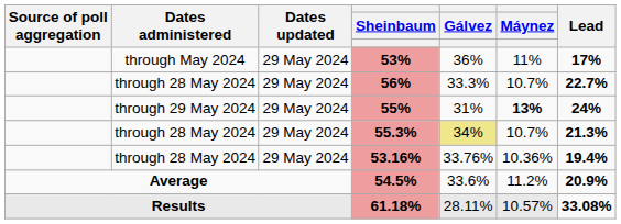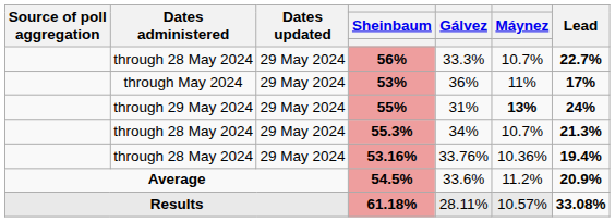 <table class="wikitable sortable" style="text-align:center;font-size:90%;line-height:17px">
 <tr>
 <th rowspan="3" class="unsortable">Source of poll<br>aggregation</th>
 <th rowspan="3" class="unsortable">Dates<br>administered</th>
 <th rowspan="3" class="unsortable">Dates<br>updated</th>
 <th></th>
 <th></th>
 <th></th>
 <th rowspan="3">Lead</th>
 </tr>
 <tr>
 <th><a href='#'>Sheinbaum</a><br></th>
 <th><a href='#'>Gálvez</a><br></th>
 <th><a href='#'>Máynez</a><br></th>
 </tr>
 <tr>
 <th style="background:"></th>
 <th style="background:"></th>
 <th style="background:"></th>
 </tr>
 <tr>
 <td></td>
+<td>through 28 May 2024</td>
+<td>29 May 2024</td>
+<td bgcolor="#ee9e9e"><strong>56%</strong></td>
+<td>33.3%</td>
+<td>10.7%</td>
+<td style="background:"><span><strong>22.7%</strong></span></td>
+</tr>
+<tr>
+<td></td>
 <td>through May 2024</td>
 <td>29 May 2024</td>
 <td bgcolor="#ee9e9e"><strong>53%</strong></td>
 <td>36%</td>
 <td>11%</td>
 <td style="background:"><span><strong>17%</strong></span></td>
-</tr>
-<tr>
-<td></td>
-<td>through 28 May 2024</td>
-<td>29 May 2024</td>
-<td bgcolor="#ee9e9e"><strong>56%</strong></td>
-<td>33.3%</td>
-<td>10.7%</td>
-<td style="background:"><span><strong>22.7%</strong></span></td>
 </tr>
 <tr>
 <td></td>
 <td>through 29 May 2024</td>
 <td>29 May 2024</td>
 <td bgcolor="#ee9e9e"><strong>55%</strong></td>
 <td>31%</td>
 <td><strong>13%</strong></td>
 <td style="background:"><span><strong>24%</strong></span></td>
 </tr>
 <tr>
 <td></td>
 <td>through 28 May 2024</td>
 <td>29 May 2024</td>
 <td bgcolor="#ee9e9e"><strong>55.3%</strong></td>
-<td style="background: khaki;">34%</td>
+<td>34%</td>
 <td>10.7%</td>
 <td style="background:"><span><strong>21.3%</strong></span></td>
 </tr>
 <tr>
 <td></td>
 <td>through 28 May 2024</td>
 <td>29 May 2024</td>
 <td bgcolor="#ee9e9e"><strong>53.16%</strong></td>
 <td>33.76%</td>
 <td>10.36%</td>
 <td style="background:"><span><strong>19.4%</strong></span></td>
 </tr>
 <tr class="sortbottom">
 <td colspan="3"><strong>Average</strong></td>
 <td bgcolor="#ee9e9e"><strong>54.5%</strong></td>
 <td>33.6%</td>
 <td>11.2%</td>
 <td style="background:"><span><strong>20.9%</strong></span></td>
 </tr>
 <tr>
 <td colspan="3" style="background:#e9e9e9;"><strong>Results</strong></td>
 <td bgcolor="#ee9e9e"><strong>61.18%</strong></td>
 <td style="background:#e9e9e9;">28.11%</td>
 <td style="background:#e9e9e9;">10.57%</td>
 <td style="background:"><span><strong>33.08%</strong></span></td>
 </tr>
 </table>
